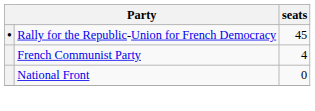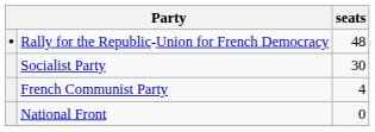 <table class="wikitable" style="font-size: 95%;">
 <tr>
 <th colspan=2>Party</th>
 <th>seats</th>
 </tr>
 <tr>
 <th style="background-color: "><span>•</span></th>
 <td><a href='#'>Rally for the Republic</a>-<a href='#'>Union for French Democracy</a></td>
-<td align="right">45</td>
+<td align="right">48</td>
+</tr>
+<tr>
+<th style="background-color: "></th>
+<td><a href='#'>Socialist Party</a></td>
+<td align="right">30</td>
 </tr>
 <tr>
 <th style="background-color: "></th>
 <td><a href='#'>French Communist Party</a></td>
 <td align="right">4</td>
 </tr>
 <tr>
 <th style="background-color: "></th>
 <td><a href='#'>National Front</a></td>
 <td align="right">0</td>
 </tr>
 <tr>
 </tr>
 </table>
